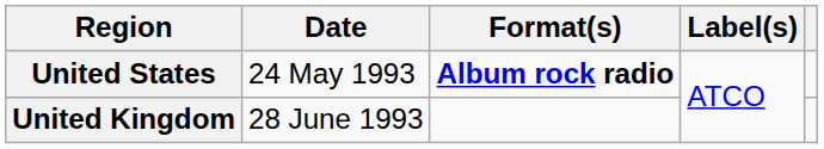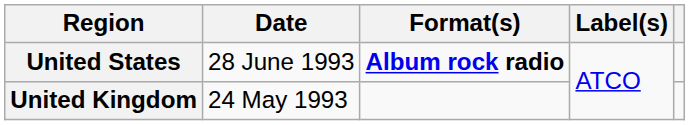 <table class="wikitable plainrowheaders">
 <tr>
 <th scope="col">Region</th>
 <th scope="col">Date</th>
 <th scope="col">Format(s)</th>
 <th scope="col">Label(s)</th>
 <th scope="col"></th>
 </tr>
 <tr>
 <th scope="row">United States</th>
-<td>24 May 1993</td>
+<td>28 June 1993</td>
 <td><strong><a href='#'>Album rock</a> radio</strong></td>
 <td rowspan="2"><a href='#'>ATCO</a></td>
 <td></td>
 </tr>
 <tr>
 <th scope="row">United Kingdom</th>
-<td>28 June 1993</td>
+<td>24 May 1993</td>
 <td></td>
 <td></td>
 </tr>
 </table>
